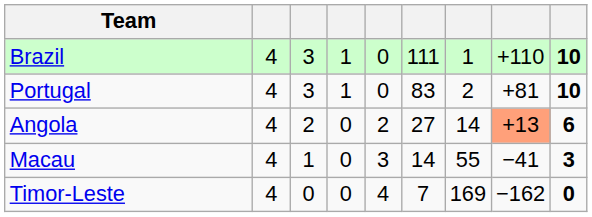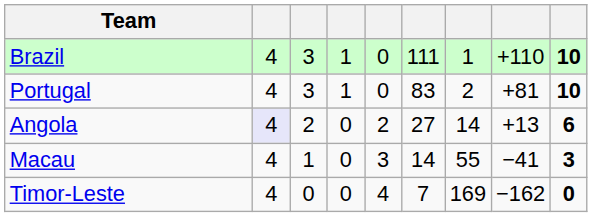 <table class="wikitable" style="text-align:center">
 <tr>
 <th width="175">Team</th>
 <th width="20"></th>
 <th width="20"></th>
 <th width="20"></th>
 <th width="20"></th>
 <th width="20"></th>
 <th width="20"></th>
 <th width="20"></th>
 <th width="20"></th>
 </tr>
 <tr bgcolor="#ccffcc">
 <td align=left> <a href='#'>Brazil</a></td>
 <td>4</td>
 <td>3</td>
 <td>1</td>
 <td>0</td>
 <td>111</td>
 <td>1</td>
 <td>+110</td>
 <td><strong>10</strong></td>
 </tr>
 <tr>
 <td align=left> <a href='#'>Portugal</a></td>
 <td>4</td>
 <td>3</td>
 <td>1</td>
 <td>0</td>
 <td>83</td>
 <td>2</td>
 <td>+81</td>
 <td><strong>10</strong></td>
 </tr>
 <tr>
 <td align=left> <a href='#'>Angola</a></td>
-<td>4</td>
+<td style="background: lavender;">4</td>
 <td>2</td>
 <td>0</td>
 <td>2</td>
 <td>27</td>
 <td>14</td>
-<td style="background: lightsalmon;">+13</td>
+<td>+13</td>
 <td><strong>6</strong></td>
 </tr>
 <tr>
 <td align=left> <a href='#'>Macau</a></td>
 <td>4</td>
 <td>1</td>
 <td>0</td>
 <td>3</td>
 <td>14</td>
 <td>55</td>
 <td>−41</td>
 <td><strong>3</strong></td>
 </tr>
 <tr>
 <td align=left> <a href='#'>Timor-Leste</a></td>
 <td>4</td>
 <td>0</td>
 <td>0</td>
 <td>4</td>
 <td>7</td>
 <td>169</td>
 <td>−162</td>
 <td><strong>0</strong></td>
 </tr>
 </table>
